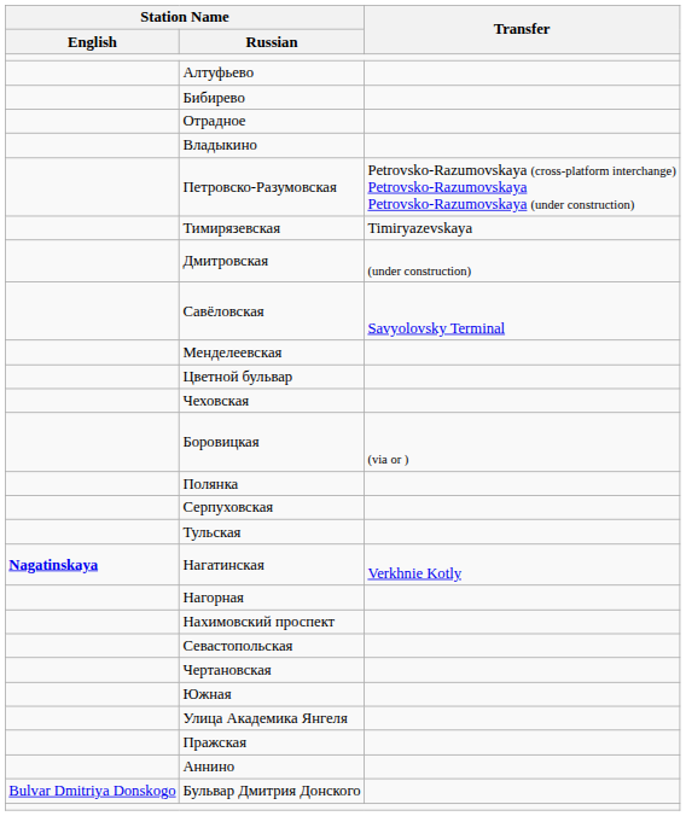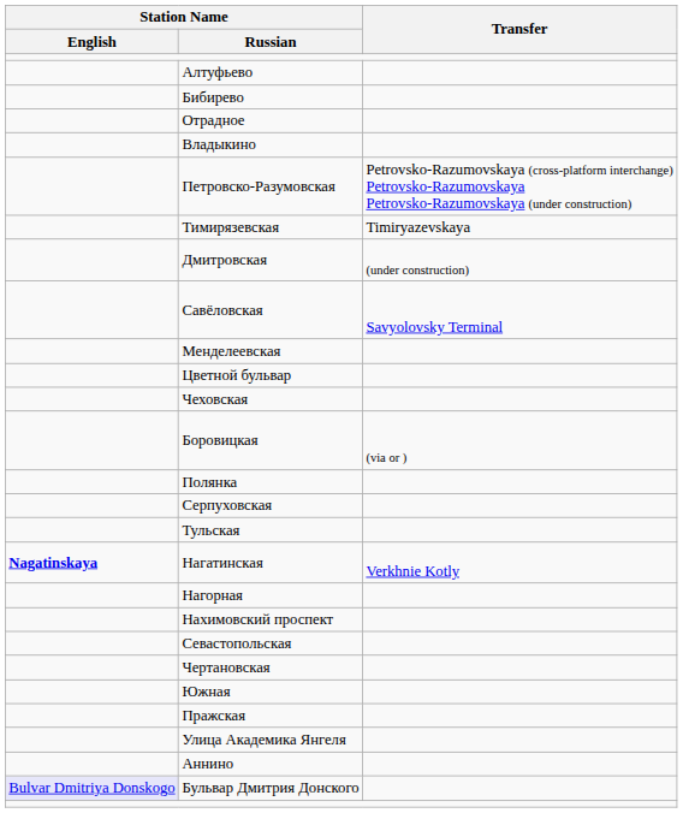 <table class="wikitable">
 <tr>
 <th colspan="2">Station Name</th>
 <th rowspan="2">Transfer</th>
 </tr>
 <tr>
 <th>English</th>
 <th>Russian</th>
 </tr>
 <tr>
 <td colspan = "3"></td>
 </tr>
 <tr>
 <td></td>
 <td>Алтуфьево</td>
 <td></td>
 </tr>
 <tr>
 <td></td>
 <td>Бибирево</td>
 <td></td>
 </tr>
 <tr>
 <td></td>
 <td>Отрадное</td>
 <td></td>
 </tr>
 <tr>
 <td></td>
 <td>Владыкино</td>
 <td></td>
 </tr>
 <tr>
 <td></td>
 <td>Петровско-Разумовская</td>
 <td> Petrovsko-Razumovskaya <small>(cross-platform interchange)</small><br> <a href='#'>Petrovsko-Razumovskaya</a><br> <a href='#'>Petrovsko-Razumovskaya</a> <small>(under construction)</small></td>
 </tr>
 <tr>
 <td></td>
 <td>Тимирязевская</td>
 <td> Timiryazevskaya<br></td>
 </tr>
 <tr>
 <td></td>
 <td>Дмитровская</td>
 <td><br> <small>(under construction)</small></td>
 </tr>
 <tr>
 <td></td>
 <td>Савёловская</td>
 <td><br><br> <a href='#'>Savyolovsky Terminal</a></td>
 </tr>
 <tr>
 <td></td>
 <td>Менделеевская</td>
 <td></td>
 </tr>
 <tr>
 <td></td>
 <td>Цветной бульвар</td>
 <td></td>
 </tr>
 <tr>
 <td></td>
 <td>Чеховская</td>
 <td><br></td>
 </tr>
 <tr>
 <td></td>
 <td>Боровицкая</td>
 <td><br><br> <small>(via  or )</small></td>
 </tr>
 <tr>
 <td></td>
 <td>Полянка</td>
 <td></td>
 </tr>
 <tr>
 <td></td>
 <td>Серпуховская</td>
 <td></td>
 </tr>
 <tr>
 <td></td>
 <td>Тульская</td>
 <td></td>
 </tr>
 <tr>
 <td><strong><a href='#'>Nagatinskaya</a></strong></td>
 <td>Нагатинская</td>
 <td><br> <a href='#'>Verkhnie Kotly</a></td>
 </tr>
 <tr>
 <td></td>
 <td>Нагорная</td>
 <td></td>
 </tr>
 <tr>
 <td></td>
 <td>Нахимовский проспект</td>
 <td></td>
 </tr>
 <tr>
 <td></td>
 <td>Севастопольская</td>
 <td></td>
 </tr>
 <tr>
 <td></td>
 <td>Чертановская</td>
 <td></td>
 </tr>
 <tr>
 <td></td>
 <td>Южная</td>
 <td></td>
 </tr>
 <tr>
 <td></td>
-<td>Улица Академика Янгеля</td>
+<td>Пражская</td>
 <td></td>
 </tr>
 <tr>
 <td></td>
-<td>Пражская</td>
+<td>Улица Академика Янгеля</td>
 <td></td>
 </tr>
 <tr>
 <td></td>
 <td>Аннино</td>
 <td></td>
 </tr>
 <tr>
-<td><a href='#'>Bulvar Dmitriya Donskogo</a></td>
+<td style="background: lavender;"><a href='#'>Bulvar Dmitriya Donskogo</a></td>
 <td>Бульвар Дмитрия Донского</td>
 <td></td>
 </tr>
 <tr>
 <td colspan = "3"></td>
 </tr>
 </table>
